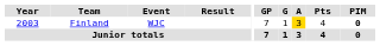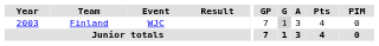 <table border="0" cellpadding="1" cellspacing="0" ID="Table3" style="text-align:center; width:40em">
 <tr ALIGN="center" bgcolor="#e0e0e0">
 <th>Year</th>
 <th>Team</th>
 <th>Event</th>
 <th>Result</th>
 <th rowspan="99" bgcolor="#ffffff"></th>
 <th>GP</th>
 <th>G</th>
 <th>A</th>
 <th>Pts</th>
 <th>PIM</th>
 </tr>
 <tr>
 <td><a href='#'>2003</a></td>
 <td><a href='#'>Finland</a></td>
 <td><a href='#'>WJC</a></td>
 <td></td>
 <td>7</td>
-<td>1</td>
-<td style="background: gold;">3</td>
+<td style="background: lightgrey;">1</td>
+<td>3</td>
 <td>4</td>
-<td><strong>0</strong></td>
+<td>0</td>
 </tr>
 <tr bgcolor="#e0e0e0">
 <th colspan="4">Junior totals</th>
 <th>7</th>
 <th>1</th>
 <th>3</th>
 <th>4</th>
 <th>0</th>
 </tr>
 </table>
